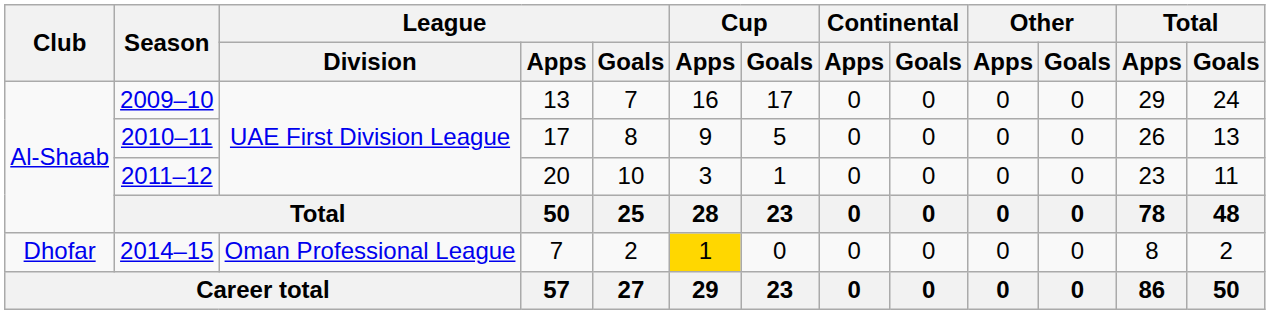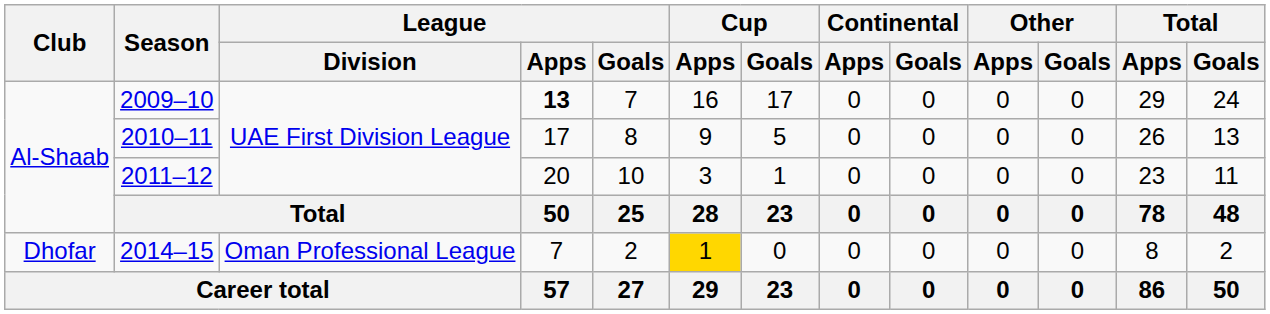 <table class="wikitable" style="text-align:center">
 <tr>
 <th rowspan="2">Club</th>
 <th rowspan="2">Season</th>
 <th colspan="3">League</th>
 <th colspan="2">Cup</th>
 <th colspan="2">Continental</th>
 <th colspan="2">Other</th>
 <th colspan="2">Total</th>
 </tr>
 <tr>
 <th>Division</th>
 <th>Apps</th>
 <th>Goals</th>
 <th>Apps</th>
 <th>Goals</th>
 <th>Apps</th>
 <th>Goals</th>
 <th>Apps</th>
 <th>Goals</th>
 <th>Apps</th>
 <th>Goals</th>
 </tr>
 <tr>
 <td rowspan="4"><a href='#'>Al-Shaab</a></td>
 <td><a href='#'>2009–10</a></td>
 <td rowspan="3"><a href='#'>UAE First Division League</a></td>
-<td>13</td>
+<td><strong>13</strong></td>
 <td>7</td>
 <td>16</td>
 <td>17</td>
 <td>0</td>
 <td>0</td>
 <td>0</td>
 <td>0</td>
 <td>29</td>
 <td>24</td>
 </tr>
 <tr>
 <td><a href='#'>2010–11</a></td>
 <td>17</td>
 <td>8</td>
 <td>9</td>
 <td>5</td>
 <td>0</td>
 <td>0</td>
 <td>0</td>
 <td>0</td>
 <td>26</td>
 <td>13</td>
 </tr>
 <tr>
 <td><a href='#'>2011–12</a></td>
 <td>20</td>
 <td>10</td>
 <td>3</td>
 <td>1</td>
 <td>0</td>
 <td>0</td>
 <td>0</td>
 <td>0</td>
 <td>23</td>
 <td>11</td>
 </tr>
 <tr>
 <th colspan="2">Total</th>
 <th>50</th>
 <th>25</th>
 <th>28</th>
 <th>23</th>
 <th>0</th>
 <th>0</th>
 <th>0</th>
 <th>0</th>
 <th>78</th>
 <th>48</th>
 </tr>
 <tr>
 <td><a href='#'>Dhofar</a></td>
 <td><a href='#'>2014–15</a></td>
 <td><a href='#'>Oman Professional League</a></td>
 <td>7</td>
 <td>2</td>
 <td style="background: gold;">1</td>
 <td>0</td>
 <td>0</td>
 <td>0</td>
 <td>0</td>
 <td>0</td>
 <td>8</td>
 <td>2</td>
 </tr>
 <tr>
 <th colspan="3">Career total</th>
 <th>57</th>
 <th>27</th>
 <th>29</th>
 <th>23</th>
 <th>0</th>
 <th>0</th>
 <th>0</th>
 <th>0</th>
 <th>86</th>
 <th>50</th>
 </tr>
 </table>
